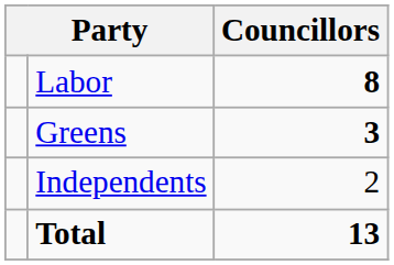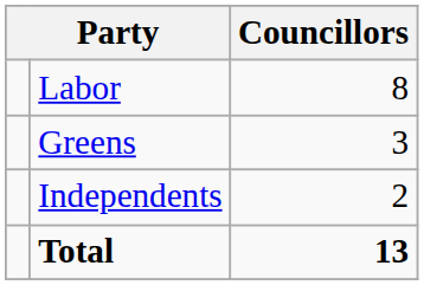 <table class="wikitable">
 <tr>
 <th colspan="2">Party</th>
 <th>Councillors</th>
 </tr>
 <tr>
 <td> </td>
 <td><a href='#'>Labor</a></td>
-<td align=right><strong>8</strong></td>
+<td align=right>8</td>
 </tr>
 <tr>
 <td> </td>
 <td><a href='#'>Greens</a></td>
-<td align=right><strong>3</strong></td>
+<td align=right>3</td>
 </tr>
 <tr>
 <td> </td>
 <td><a href='#'>Independents</a></td>
 <td align=right>2</td>
 </tr>
 <tr>
 <td></td>
 <td><strong>Total</strong></td>
 <td align=right><strong>13</strong></td>
 </tr>
 </table>
